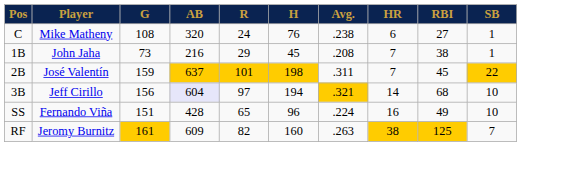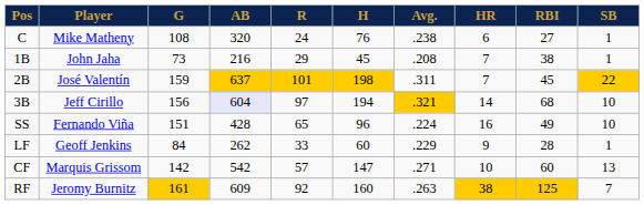 <table class="wikitable sortable">
 <tr>
 <th style=" background:#0a2351; color:#CBA140;" width="5%">Pos</th>
 <th style=" background:#0a2351; color:#CBA140;" width="16%">Player</th>
 <th style=" background:#0a2351; color:#CBA140;" width="9%">G</th>
 <th style=" background:#0a2351; color:#CBA140;" width="9%">AB</th>
 <th style=" background:#0a2351; color:#CBA140;" width="9%">R</th>
 <th style=" background:#0a2351; color:#CBA140;" width="9%">H</th>
 <th style=" background:#0a2351; color:#CBA140;" width="9%">Avg.</th>
 <th style=" background:#0a2351; color:#CBA140;" width="9%">HR</th>
 <th style=" background:#0a2351; color:#CBA140;" width="9%">RBI</th>
 <th style=" background:#0a2351; color:#CBA140;" width="9%">SB</th>
 </tr>
 <tr align="center">
 <td>C</td>
 <td><a href='#'>Mike Matheny</a></td>
 <td>108</td>
 <td>320</td>
 <td>24</td>
 <td>76</td>
 <td>.238</td>
 <td>6</td>
 <td>27</td>
 <td>1</td>
 </tr>
 <tr align="center">
 <td>1B</td>
 <td><a href='#'>John Jaha</a></td>
 <td>73</td>
 <td>216</td>
 <td>29</td>
 <td>45</td>
 <td>.208</td>
 <td>7</td>
 <td>38</td>
 <td>1</td>
 </tr>
 <tr align="center">
 <td>2B</td>
 <td><a href='#'>José Valentín</a></td>
 <td>159</td>
 <td bgcolor="#FFCC00">637</td>
 <td bgcolor="#FFCC00">101</td>
 <td bgcolor="#FFCC00">198</td>
 <td>.311</td>
 <td>7</td>
 <td>45</td>
 <td bgcolor="#FFCC00">22</td>
 </tr>
 <tr align="center">
 <td>3B</td>
 <td><a href='#'>Jeff Cirillo</a></td>
 <td>156</td>
 <td style="background: lavender;">604</td>
 <td>97</td>
 <td>194</td>
 <td bgcolor="#FFCC00">.321</td>
 <td>14</td>
 <td>68</td>
 <td>10</td>
 </tr>
 <tr align="center">
 <td>SS</td>
 <td><a href='#'>Fernando Viña</a></td>
 <td>151</td>
 <td>428</td>
 <td>65</td>
 <td>96</td>
 <td>.224</td>
 <td>16</td>
 <td>49</td>
 <td>10</td>
 </tr>
 <tr align="center">
+<td>LF</td>
+<td><a href='#'>Geoff Jenkins</a></td>
+<td>84</td>
+<td>262</td>
+<td>33</td>
+<td>60</td>
+<td>.229</td>
+<td>9</td>
+<td>28</td>
+<td>1</td>
+</tr>
+<tr align="center">
+<td>CF</td>
+<td><a href='#'>Marquis Grissom</a></td>
+<td>142</td>
+<td>542</td>
+<td>57</td>
+<td>147</td>
+<td>.271</td>
+<td>10</td>
+<td>60</td>
+<td>13</td>
+</tr>
+<tr align="center">
 <td>RF</td>
 <td><a href='#'>Jeromy Burnitz</a></td>
 <td bgcolor="#FFCC00">161</td>
 <td>609</td>
-<td>82</td>
+<td>92</td>
 <td>160</td>
 <td>.263</td>
 <td bgcolor="#FFCC00">38</td>
 <td bgcolor="#FFCC00">125</td>
 <td>7</td>
 </tr>
 </table>
